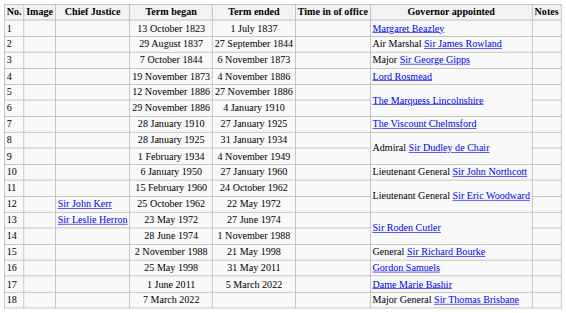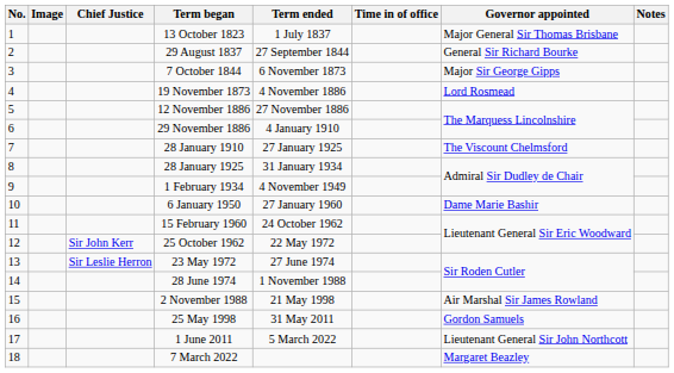 <table class="wikitable sortable">
 <tr>
 <th>No.</th>
 <th>Image</th>
 <th>Chief Justice</th>
 <th>Term began</th>
 <th>Term ended</th>
 <th>Time in of office</th>
 <th>Governor appointed</th>
 <th class="unsortable">Notes</th>
 </tr>
 <tr>
 <td>1</td>
 <td></td>
 <td></td>
 <td align=center>13 October 1823</td>
 <td align=center>1 July 1837</td>
 <td align=right></td>
-<td><a href='#'>Margaret Beazley</a> </td>
+<td>Major General <a href='#'>Sir Thomas Brisbane</a> </td>
 <td></td>
 </tr>
 <tr>
 <td>2</td>
 <td></td>
 <td></td>
 <td align=center>29 August 1837</td>
 <td align="center">27 September 1844</td>
 <td align=right></td>
-<td>Air Marshal <a href='#'>Sir James Rowland</a> </td>
+<td>General <a href='#'>Sir Richard Bourke</a> </td>
 <td></td>
 </tr>
 <tr>
 <td>3</td>
 <td></td>
 <td> </td>
 <td align=center>7 October 1844</td>
 <td align=center>6 November 1873</td>
 <td align=right></td>
 <td>Major <a href='#'>Sir George Gipps</a></td>
 <td></td>
 </tr>
 <tr>
 <td>4</td>
 <td></td>
 <td> </td>
 <td align=center>19 November 1873</td>
 <td align=center>4 November 1886</td>
 <td align=right></td>
 <td><a href='#'>Lord Rosmead</a> </td>
 <td></td>
 </tr>
 <tr>
 <td>5</td>
 <td></td>
 <td></td>
 <td align=center>12 November 1886</td>
 <td align=center>27 November 1886</td>
 <td align=right></td>
 <td rowspan=2><a href='#'>The Marquess Lincolnshire</a> </td>
 <td></td>
 </tr>
 <tr>
 <td>6</td>
 <td></td>
 <td> </td>
 <td align=center>29 November 1886</td>
 <td align=center>4 January 1910</td>
 <td align=right></td>
 <td></td>
 </tr>
 <tr>
 <td>7</td>
 <td></td>
 <td> </td>
 <td align=center>28 January 1910</td>
 <td align=center>27 January 1925</td>
 <td align=right></td>
 <td><a href='#'>The Viscount Chelmsford</a> </td>
 <td></td>
 </tr>
 <tr>
 <td>8</td>
 <td></td>
 <td> </td>
 <td align=center>28 January 1925</td>
 <td align=center>31 January 1934</td>
 <td align=right></td>
 <td rowspan=2>Admiral <a href='#'>Sir Dudley de Chair</a> </td>
 <td></td>
 </tr>
 <tr>
 <td>9</td>
 <td></td>
 <td> </td>
 <td align=center>1 February 1934</td>
 <td align=center>4 November 1949</td>
 <td align=right></td>
 <td></td>
 </tr>
 <tr>
 <td>10</td>
 <td></td>
 <td> </td>
 <td align=center>6 January 1950</td>
 <td align=center>27 January 1960</td>
 <td align=right></td>
-<td>Lieutenant General <a href='#'>Sir John Northcott</a> </td>
+<td><a href='#'>Dame Marie Bashir</a> </td>
 <td></td>
 </tr>
 <tr>
 <td>11</td>
 <td></td>
 <td> </td>
 <td align=center>15 February 1960</td>
 <td align=center>24 October 1962</td>
 <td align=right></td>
 <td rowspan=2>Lieutenant General <a href='#'>Sir Eric Woodward</a> </td>
 <td></td>
 </tr>
 <tr>
 <td>12</td>
 <td></td>
 <td><a href='#'>Sir John Kerr</a> </td>
 <td align=center>25 October 1962</td>
 <td align=center>22 May 1972</td>
 <td align=right></td>
 <td></td>
 </tr>
 <tr>
 <td>13</td>
 <td></td>
 <td><a href='#'>Sir Leslie Herron</a> </td>
 <td align=center>23 May 1972</td>
 <td align=center>27 June 1974</td>
 <td align=right></td>
 <td rowspan=2><a href='#'>Sir Roden Cutler</a> </td>
 <td></td>
 </tr>
 <tr>
 <td>14</td>
 <td></td>
 <td> </td>
 <td align=center>28 June 1974</td>
 <td align=center>1 November 1988</td>
 <td align=right></td>
 <td></td>
 </tr>
 <tr>
 <td>15</td>
 <td></td>
 <td> </td>
 <td align=center>2 November 1988</td>
 <td align=center>21 May 1998</td>
 <td align=right></td>
-<td>General <a href='#'>Sir Richard Bourke</a> </td>
+<td>Air Marshal <a href='#'>Sir James Rowland</a> </td>
 <td></td>
 </tr>
 <tr>
 <td>16</td>
 <td></td>
 <td> </td>
 <td align=center>25 May 1998</td>
 <td align=center>31 May 2011</td>
 <td align=right></td>
 <td><a href='#'>Gordon Samuels</a> </td>
 <td></td>
 </tr>
 <tr>
 <td>17</td>
 <td></td>
 <td> </td>
 <td align=center>1 June 2011</td>
 <td align=center>5 March 2022</td>
 <td align=right></td>
-<td><a href='#'>Dame Marie Bashir</a> </td>
+<td>Lieutenant General <a href='#'>Sir John Northcott</a> </td>
 <td></td>
 </tr>
 <tr>
 <td>18</td>
 <td></td>
 <td></td>
 <td align=center>7 March 2022</td>
 <td align=center></td>
 <td align=right></td>
-<td>Major General <a href='#'>Sir Thomas Brisbane</a> </td>
+<td><a href='#'>Margaret Beazley</a> </td>
 <td></td>
 </tr>
 </table>
